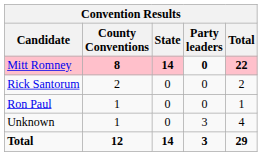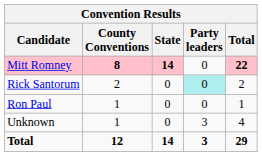 <table class=wikitable>
 <tr>
 <th colspan=6>Convention Results</th>
 </tr>
 <tr>
 <th>Candidate</th>
 <th>County<br>Conventions</th>
 <th>State</th>
 <th>Party<br>leaders</th>
 <th>Total</th>
 </tr>
 <tr style="text-align:center;">
 <td align="left" bgcolor="pink"> <a href='#'>Mitt Romney</a></td>
 <td bgcolor="pink"><strong>8</strong></td>
 <td bgcolor="pink"><strong>14</strong></td>
-<td><strong>0</strong></td>
+<td>0</td>
 <td bgcolor="pink"><strong>22</strong></td>
 </tr>
 <tr style="text-align:center;">
 <td align="left"><a href='#'>Rick Santorum</a></td>
 <td>2</td>
 <td>0</td>
-<td>0</td>
+<td style="background: paleturquoise;">0</td>
 <td>2</td>
 </tr>
 <tr style="text-align:center;">
 <td align="left"><a href='#'>Ron Paul</a></td>
 <td>1</td>
 <td>0</td>
 <td>0</td>
 <td>1</td>
 </tr>
 <tr style="text-align:center;">
 <td align="left">Unknown</td>
 <td>1</td>
 <td>0</td>
 <td>3</td>
 <td>4</td>
 </tr>
 <tr style="text-align:center;">
 <td align="left"><strong>Total</strong></td>
 <td><strong>12</strong></td>
 <td><strong>14</strong></td>
 <td><strong>3</strong></td>
 <td><strong>29</strong></td>
 </tr>
 </table>
